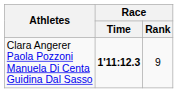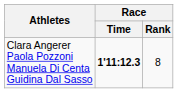 <table class="wikitable" border="1" style="font-size:90%">
 <tr>
 <th rowspan=2>Athletes</th>
 <th colspan=2>Race</th>
 </tr>
 <tr>
 <th>Time</th>
 <th>Rank</th>
 </tr>
 <tr>
 <td>Clara Angerer<br><a href='#'>Paola Pozzoni</a><br><a href='#'>Manuela Di Centa</a><br><a href='#'>Guidina Dal Sasso</a></td>
 <td align=center><strong>1'11:12.3</strong></td>
-<td align=center>9</td>
+<td align=center>8</td>
 </tr>
 </table>
